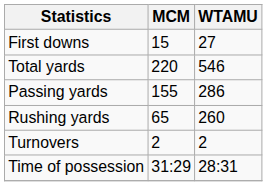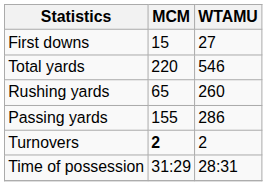 <table class="wikitable">
 <tr>
 <th>Statistics</th>
 <th>MCM</th>
 <th>WTAMU</th>
 </tr>
 <tr>
 <td>First downs</td>
 <td>15</td>
 <td>27</td>
 </tr>
 <tr>
 <td>Total yards</td>
 <td>220</td>
 <td>546</td>
 </tr>
 <tr>
+<td>Rushing yards</td>
+<td>65</td>
+<td>260</td>
+</tr>
+<tr>
 <td>Passing yards</td>
 <td>155</td>
 <td>286</td>
 </tr>
 <tr>
-<td>Rushing yards</td>
-<td>65</td>
-<td>260</td>
-</tr>
-<tr>
 <td>Turnovers</td>
-<td>2</td>
+<td><strong>2</strong></td>
 <td>2</td>
 </tr>
 <tr>
 <td>Time of possession</td>
 <td>31:29</td>
 <td>28:31</td>
 </tr>
 <tr>
 </tr>
 </table>
